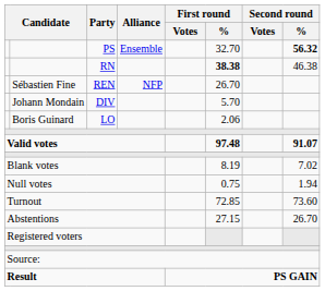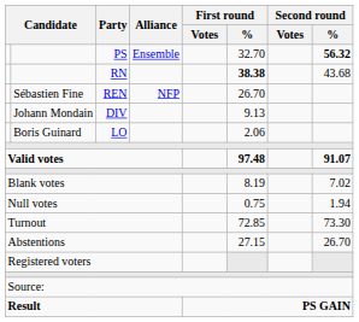 <table class="wikitable" style="text-align:right;font-size:95%;">
 <tr>
 <th colspan="2" rowspan="2">Candidate</th>
 <th colspan="1" rowspan="2">Party</th>
 <th colspan="1" rowspan="2">Alliance</th>
 <th colspan="2">First round</th>
 <th colspan="2">Second round</th>
 </tr>
 <tr>
 <th style="width:50px;">Votes</th>
 <th style="width:45px;">%</th>
 <th style="width:50px;">Votes</th>
 <th style="width:45px;">%</th>
 </tr>
 <tr>
 <td style="color:inherit;background:"></td>
 <td style="text-align:left;"></td>
 <td><a href='#'>PS</a></td>
 <td><a href='#'>Ensemble</a></td>
 <td></td>
 <td>32.70</td>
 <td><strong></strong></td>
 <td><strong>56.32</strong></td>
 </tr>
 <tr>
 <td style="color:inherit;background:"></td>
 <td style="text-align:left;"></td>
 <td><a href='#'>RN</a></td>
 <td></td>
 <td><strong></strong></td>
 <td><strong>38.38</strong></td>
 <td></td>
-<td>46.38</td>
+<td>43.68</td>
 </tr>
 <tr>
 <td style="color:inherit;background:"></td>
 <td style="text-align:left;">Sébastien Fine</td>
 <td><a href='#'>REN</a></td>
 <td><a href='#'>NFP</a></td>
 <td></td>
 <td>26.70</td>
 <td></td>
 <td></td>
 </tr>
 <tr>
 <td style="color:inherit;background:"></td>
 <td style="text-align:left;">Johann Mondain</td>
 <td><a href='#'>DIV</a></td>
 <td></td>
 <td></td>
-<td>5.70</td>
+<td>9.13</td>
 <td></td>
 <td></td>
 </tr>
 <tr>
 <td style="color:inherit;background:"></td>
 <td style="text-align:left;">Boris Guinard</td>
 <td><a href='#'>LO</a></td>
 <td></td>
 <td></td>
 <td>2.06</td>
 <td></td>
 <td></td>
 </tr>
 <tr>
 <td colspan="8" style="background:#E9E9E9;"></td>
 </tr>
 <tr style="font-weight:bold;">
 <td colspan="4" style="text-align:left;">Valid votes</td>
 <td></td>
 <td>97.48</td>
 <td></td>
 <td>91.07</td>
 </tr>
 <tr>
 <td colspan="8" style="background:#E9E9E9;"></td>
 </tr>
 <tr>
 <td colspan="4" style="text-align:left;">Blank votes</td>
 <td></td>
 <td>8.19</td>
 <td></td>
 <td>7.02</td>
 </tr>
 <tr>
 <td colspan="4" style="text-align:left;">Null votes</td>
 <td></td>
 <td>0.75</td>
 <td></td>
 <td>1.94</td>
 </tr>
 <tr>
 <td colspan="4" style="text-align:left;">Turnout</td>
 <td></td>
 <td>72.85</td>
 <td></td>
-<td>73.60</td>
+<td>73.30</td>
 </tr>
 <tr>
 <td colspan="4" style="text-align:left;">Abstentions</td>
 <td></td>
 <td>27.15</td>
 <td></td>
 <td>26.70</td>
 </tr>
 <tr>
 <td colspan="4" style="text-align:left;">Registered voters</td>
 <td></td>
 <td style="background:#E9E9E9;"></td>
 <td></td>
 <td style="background:#E9E9E9;"></td>
 </tr>
 <tr>
 <td colspan="8" style="background:#E9E9E9;"></td>
 </tr>
 <tr>
 <td colspan="8" style="text-align:left;">Source: </td>
 </tr>
 <tr style="font-weight:bold">
 <td colspan="4" style="text-align:left;">Result</td>
 <td colspan="4" style="background-color:">PS GAIN</td>
 </tr>
 </table>
